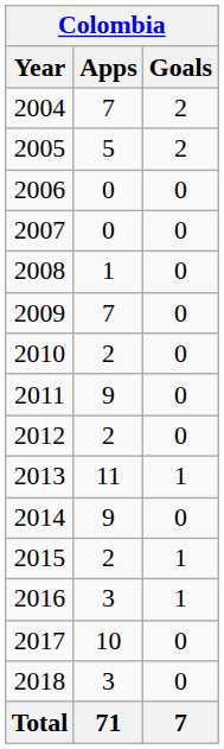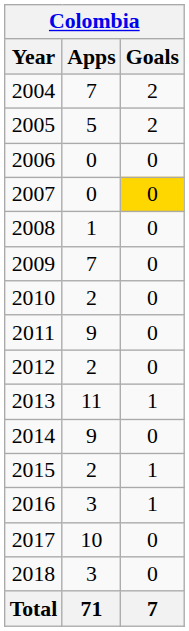 <table class="wikitable" style="text-align:center">
 <tr>
 <th colspan=3><a href='#'>Colombia</a></th>
 </tr>
 <tr>
 <th>Year</th>
 <th>Apps</th>
 <th>Goals</th>
 </tr>
 <tr>
 <td>2004</td>
 <td>7</td>
 <td>2</td>
 </tr>
 <tr>
 <td>2005</td>
 <td>5</td>
 <td>2</td>
 </tr>
 <tr>
 <td>2006</td>
 <td>0</td>
 <td>0</td>
 </tr>
 <tr>
 <td>2007</td>
 <td>0</td>
-<td>0</td>
+<td style="background: gold;">0</td>
 </tr>
 <tr>
 <td>2008</td>
 <td>1</td>
 <td>0</td>
 </tr>
 <tr>
 <td>2009</td>
 <td>7</td>
 <td>0</td>
 </tr>
 <tr>
 <td>2010</td>
 <td>2</td>
 <td>0</td>
 </tr>
 <tr>
 <td>2011</td>
 <td>9</td>
 <td>0</td>
 </tr>
 <tr>
 <td>2012</td>
 <td>2</td>
 <td>0</td>
 </tr>
 <tr>
 <td>2013</td>
 <td>11</td>
 <td>1</td>
 </tr>
 <tr>
 <td>2014</td>
 <td>9</td>
 <td>0</td>
 </tr>
 <tr>
 <td>2015</td>
 <td>2</td>
 <td>1</td>
 </tr>
 <tr>
 <td>2016</td>
 <td>3</td>
 <td>1</td>
 </tr>
 <tr>
 <td>2017</td>
 <td>10</td>
 <td>0</td>
 </tr>
 <tr>
 <td>2018</td>
 <td>3</td>
 <td>0</td>
 </tr>
 <tr>
 <th>Total</th>
 <th>71</th>
 <th>7</th>
 </tr>
 </table>
